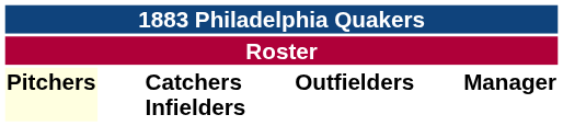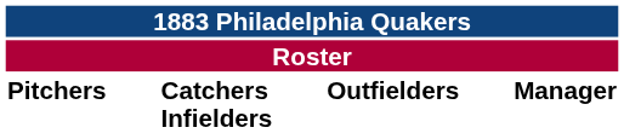 <table class="toccolours" style="font-size: 95%;">
 <tr>
 <th colspan="10" style="background-color: #0f437c; color: white; text-align: center;">1883 Philadelphia Quakers</th>
 </tr>
 <tr>
 <td colspan="10" style="background-color: #af0039; color: white; text-align: center;"><strong>Roster</strong></td>
 </tr>
 <tr>
-<td valign="top" style="background: lightyellow;"><strong>Pitchers</strong><br>     </td>
+<td valign="top"><strong>Pitchers</strong><br>     </td>
 <td width="25px"></td>
 <td valign="top"><strong>Catchers</strong><br>   <strong>Infielders</strong>            </td>
 <td width="25px"></td>
 <td valign="top"><strong>Outfielders</strong><br>       </td>
 <td width="25px"></td>
 <td valign="top"><strong>Manager</strong><br> </td>
 </tr>
 </table>
